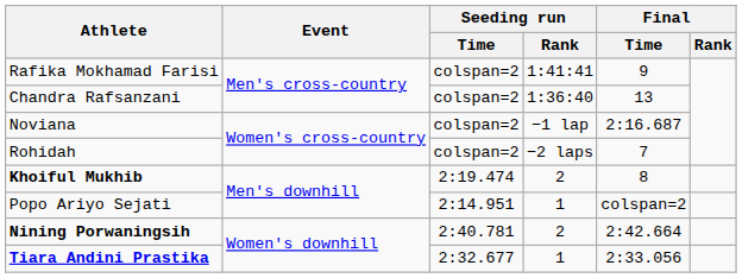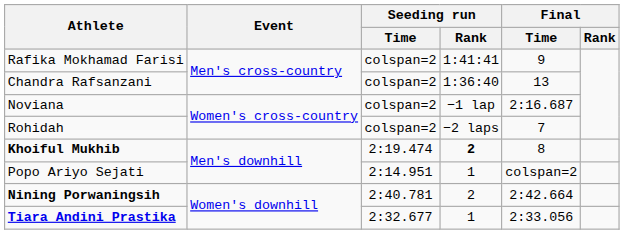 <table class=wikitable style=font-size:90%;text-align:center>
 <tr>
 <th rowspan="2">Athlete</th>
 <th rowspan="2">Event</th>
 <th colspan=2>Seeding run</th>
 <th colspan=2>Final</th>
 </tr>
 <tr>
 <th>Time</th>
 <th>Rank</th>
 <th>Time</th>
 <th>Rank</th>
 </tr>
 <tr>
 <td align=left>Rafika Mokhamad Farisi</td>
 <td align=left rowspan=2><a href='#'>Men's cross-country</a></td>
 <td>colspan=2 </td>
 <td>1:41:41</td>
 <td>9</td>
 </tr>
 <tr>
 <td align=left>Chandra Rafsanzani</td>
 <td>colspan=2 </td>
 <td>1:36:40</td>
 <td>13</td>
 </tr>
 <tr>
 <td align=left>Noviana</td>
 <td align=left rowspan=2><a href='#'>Women's cross-country</a></td>
 <td>colspan=2 </td>
 <td>−1 lap</td>
 <td>2:16.687</td>
 </tr>
 <tr>
 <td align=left>Rohidah</td>
 <td>colspan=2 </td>
 <td>−2 laps</td>
 <td>7</td>
 </tr>
 <tr>
 <td align=left><strong>Khoiful Mukhib</strong></td>
 <td align=left rowspan=2><a href='#'>Men's downhill</a></td>
 <td>2:19.474</td>
-<td>2</td>
+<td><strong>2</strong></td>
 <td>8</td>
 <td></td>
 </tr>
 <tr>
 <td align=left>Popo Ariyo Sejati</td>
 <td>2:14.951</td>
 <td>1</td>
 <td>colspan=2 </td>
 </tr>
 <tr>
 <td align=left><strong>Nining Porwaningsih</strong></td>
 <td align=left rowspan=2><a href='#'>Women's downhill</a></td>
 <td>2:40.781</td>
 <td>2</td>
 <td>2:42.664</td>
 <td></td>
 </tr>
 <tr>
 <td align=left><strong><a href='#'>Tiara Andini Prastika</a></strong></td>
 <td>2:32.677</td>
 <td>1</td>
 <td>2:33.056</td>
 <td></td>
 </tr>
 </table>
